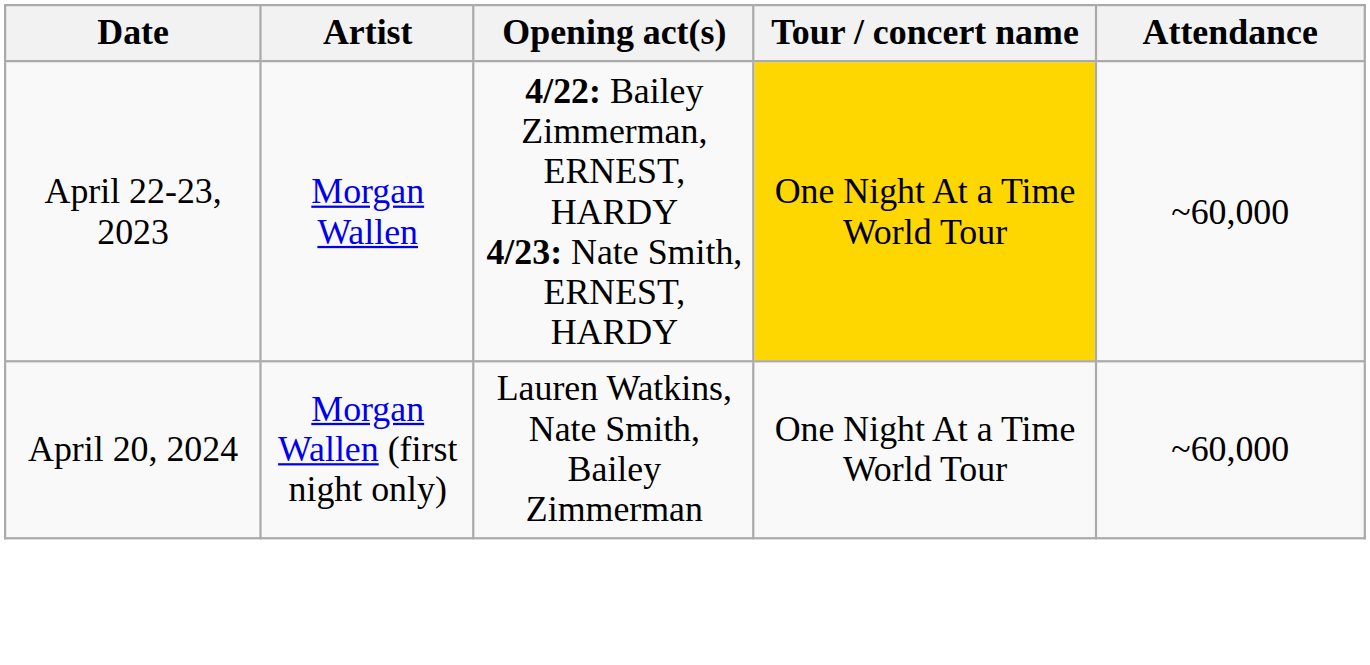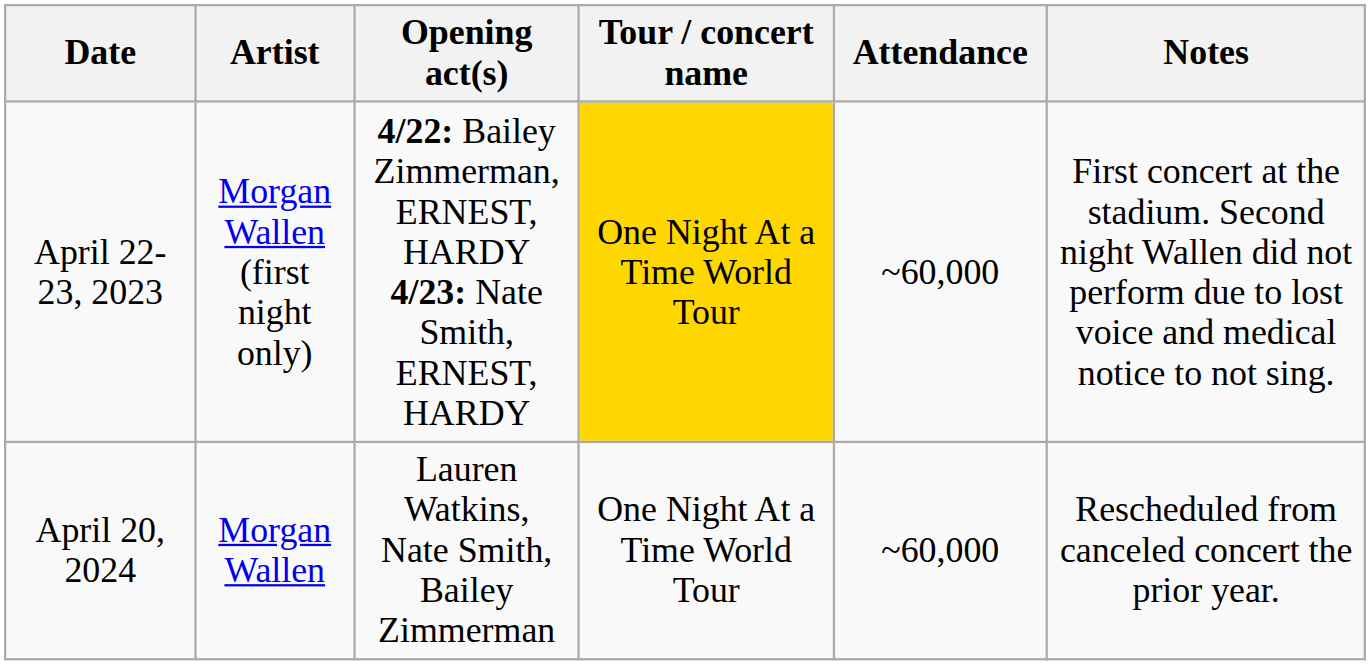 <table class="wikitable" style="text-align:center;">
 <tr>
 <th width=12% style="text-align:center;">Date</th>
 <th width=10% style="text-align:center;">Artist</th>
 <th width=10% style="text-align:center;">Opening act(s)</th>
 <th width=16% style="text-align:center;">Tour / concert name</th>
 <th width=10% style="text-align:center;">Attendance</th>
+<th width=20% style="text-align:center;">Notes</th>
 </tr>
 <tr>
 <td>April 22-23, 2023</td>
-<td><a href='#'>Morgan Wallen</a></td>
+<td><a href='#'>Morgan Wallen</a> (first night only)</td>
 <td><strong>4/22:</strong> Bailey Zimmerman, ERNEST, HARDY<br><strong>4/23:</strong> Nate Smith, ERNEST, HARDY</td>
 <td style="background: gold;">One Night At a Time World Tour</td>
 <td>~60,000</td>
+<td>First concert at the stadium. Second night Wallen did not perform due to lost voice and medical notice to not sing.</td>
 </tr>
 <tr>
 <td>April 20, 2024</td>
-<td><a href='#'>Morgan Wallen</a> (first night only)</td>
+<td><a href='#'>Morgan Wallen</a></td>
 <td>Lauren Watkins,<br>Nate Smith, Bailey Zimmerman</td>
 <td>One Night At a Time World Tour</td>
 <td>~60,000</td>
+<td>Rescheduled from canceled concert the prior year.</td>
 </tr>
 </table>
